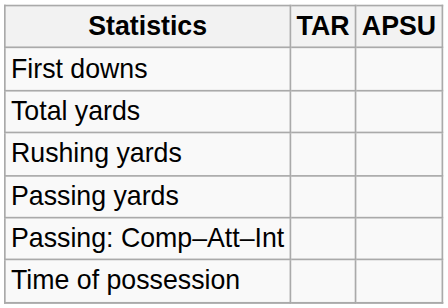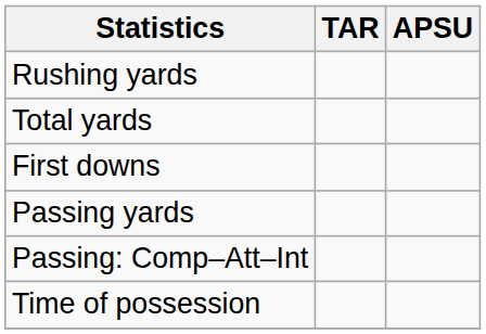 <table class="wikitable" style="float: left;">
 <tr>
 <th>Statistics</th>
 <th>TAR</th>
 <th>APSU</th>
 </tr>
 <tr>
-<td>First downs</td>
+<td>Rushing yards</td>
 <td></td>
 <td></td>
 </tr>
 <tr>
 <td>Total yards</td>
 <td></td>
 <td></td>
 </tr>
 <tr>
-<td>Rushing yards</td>
+<td>First downs</td>
 <td></td>
 <td></td>
 </tr>
 <tr>
 <td>Passing yards</td>
 <td></td>
 <td></td>
 </tr>
 <tr>
 <td>Passing: Comp–Att–Int</td>
 <td></td>
 <td></td>
 </tr>
 <tr>
 <td>Time of possession</td>
 <td></td>
 <td></td>
 </tr>
 <tr>
 </tr>
 </table>
